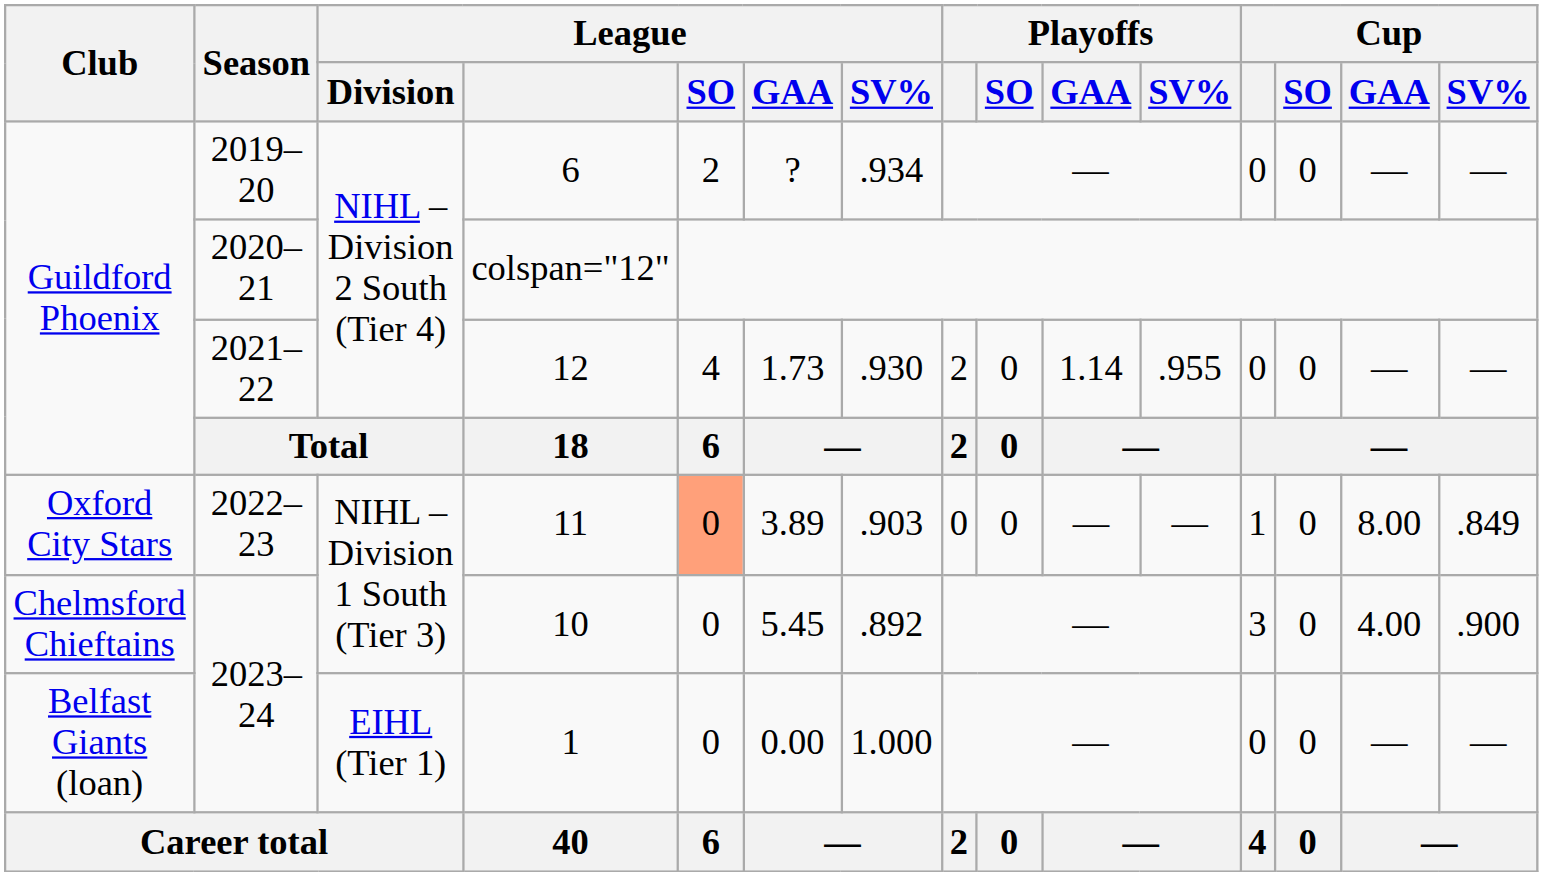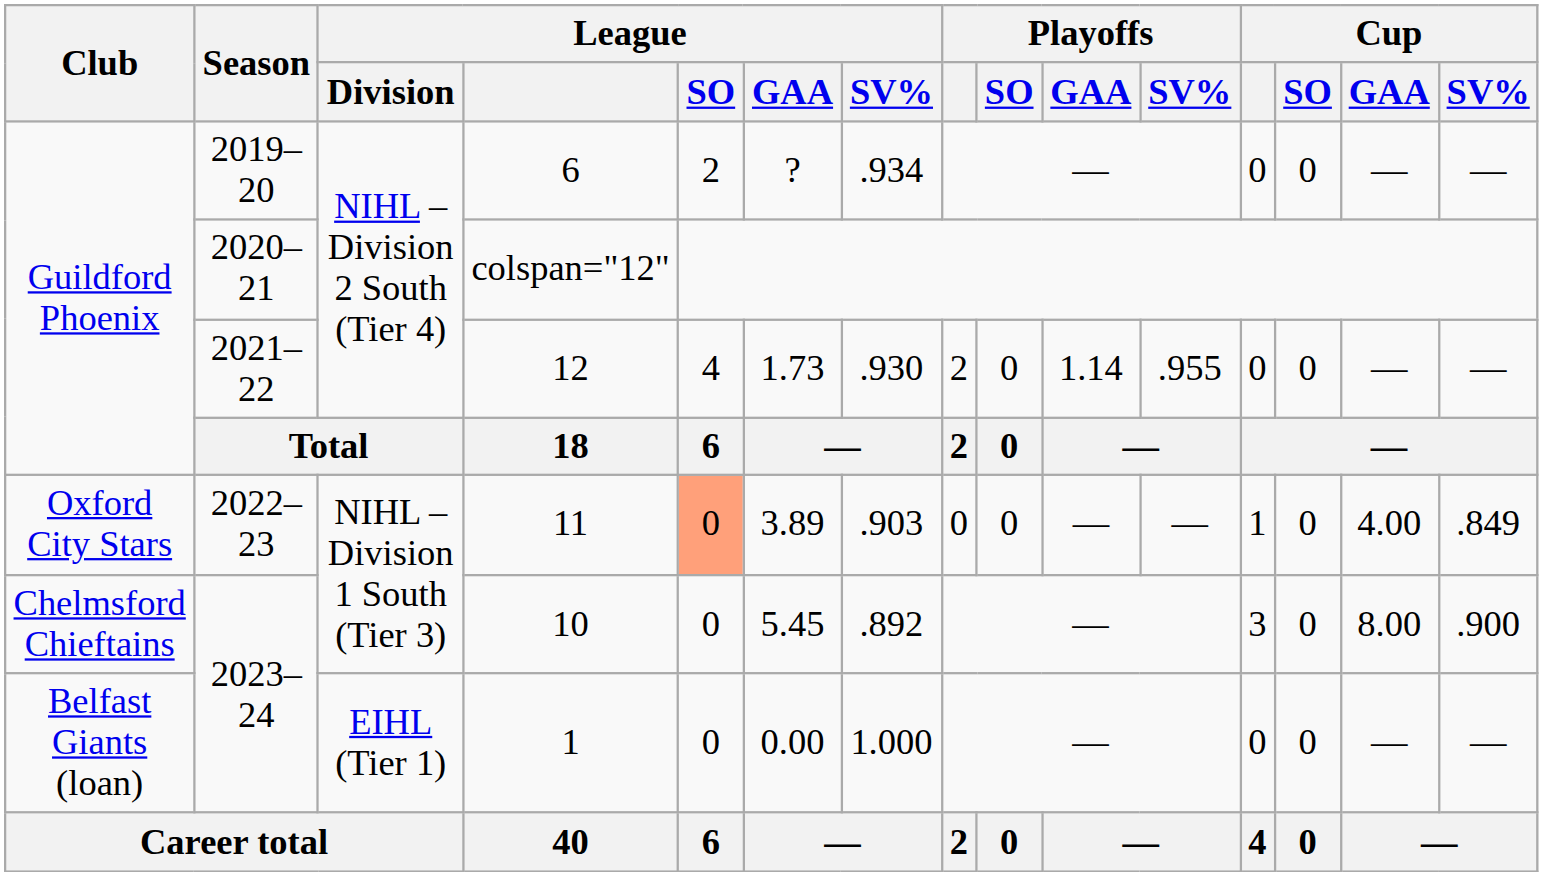 <table class="wikitable" style="text-align: center;">
 <tr>
 <th rowspan="2">Club</th>
 <th rowspan="2">Season</th>
 <th colspan="5">League</th>
 <th colspan="4">Playoffs</th>
 <th colspan="4">Cup</th>
 </tr>
 <tr>
 <th>Division</th>
 <th></th>
 <th><a href='#'>SO</a></th>
 <th><a href='#'>GAA</a></th>
 <th><a href='#'>SV%</a></th>
 <th></th>
 <th><a href='#'>SO</a></th>
 <th><a href='#'>GAA</a></th>
 <th><a href='#'>SV%</a></th>
 <th></th>
 <th><a href='#'>SO</a></th>
 <th><a href='#'>GAA</a></th>
 <th><a href='#'>SV%</a></th>
 </tr>
 <tr>
 <td rowspan="4"><a href='#'>Guildford Phoenix</a></td>
 <td>2019–20</td>
 <td rowspan="3"><a href='#'>NIHL</a> – Division 2 South<br>(Tier 4)</td>
 <td>6</td>
 <td>2</td>
 <td>?</td>
 <td>.934</td>
 <td colspan="4">—</td>
 <td>0</td>
 <td>0</td>
 <td>—</td>
 <td>—</td>
 </tr>
 <tr>
 <td>2020–21</td>
 <td>colspan="12"</td>
 </tr>
 <tr>
 <td>2021–22</td>
 <td>12</td>
 <td>4</td>
 <td>1.73</td>
 <td>.930</td>
 <td>2</td>
 <td>0</td>
 <td>1.14</td>
 <td>.955</td>
 <td>0</td>
 <td>0</td>
 <td>—</td>
 <td>—</td>
 </tr>
 <tr>
 <th colspan="2">Total</th>
 <th>18</th>
 <th>6</th>
 <th colspan="2">—</th>
 <th>2</th>
 <th>0</th>
 <th colspan="2">—</th>
 <th colspan="4">—</th>
 </tr>
 <tr>
 <td><a href='#'>Oxford City Stars</a></td>
 <td>2022–23</td>
 <td rowspan="2">NIHL – Division 1 South<br>(Tier 3)</td>
 <td>11</td>
 <td style="background: lightsalmon;">0</td>
 <td>3.89</td>
 <td>.903</td>
 <td>0</td>
 <td>0</td>
 <td>—</td>
 <td>—</td>
 <td>1</td>
 <td>0</td>
-<td>8.00</td>
+<td>4.00</td>
 <td>.849</td>
 </tr>
 <tr>
 <td><a href='#'>Chelmsford Chieftains</a></td>
 <td rowspan="2">2023–24</td>
 <td>10</td>
 <td>0</td>
 <td>5.45</td>
 <td>.892</td>
 <td colspan="4">—</td>
 <td>3</td>
 <td>0</td>
-<td>4.00</td>
+<td>8.00</td>
 <td>.900</td>
 </tr>
 <tr>
 <td><a href='#'>Belfast Giants</a> (loan)</td>
 <td><a href='#'>EIHL</a><br>(Tier 1)</td>
 <td>1</td>
 <td>0</td>
 <td>0.00</td>
 <td>1.000</td>
 <td colspan="4">—</td>
 <td>0</td>
 <td>0</td>
 <td>—</td>
 <td>—</td>
 </tr>
 <tr>
 <th colspan="3">Career total</th>
 <th>40</th>
 <th>6</th>
 <th colspan="2">—</th>
 <th>2</th>
 <th>0</th>
 <th colspan="2">—</th>
 <th>4</th>
 <th>0</th>
 <th colspan="2">—</th>
 </tr>
 </table>
